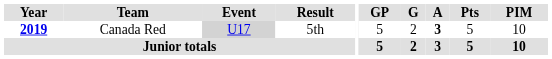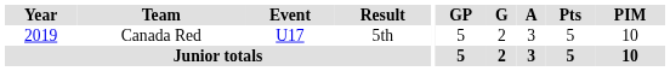 <table border="0" cellpadding="1" cellspacing="0" ID="Table3" style="text-align:center; width:40em">
 <tr bgcolor="#e0e0e0">
 <th>Year</th>
 <th>Team</th>
 <th>Event</th>
 <th>Result</th>
 <th rowspan="99" bgcolor="#ffffff"></th>
 <th>GP</th>
 <th>G</th>
 <th>A</th>
 <th>Pts</th>
 <th>PIM</th>
 </tr>
 <tr>
-<td><strong><a href='#'>2019</a></strong></td>
+<td><a href='#'>2019</a></td>
 <td>Canada Red</td>
-<td style="background: lightgrey;"><a href='#'>U17</a></td>
+<td><a href='#'>U17</a></td>
 <td>5th</td>
 <td>5</td>
 <td>2</td>
-<td><strong>3</strong></td>
+<td>3</td>
 <td>5</td>
 <td>10</td>
 </tr>
 <tr bgcolor="#e0e0e0">
 <th colspan="4">Junior totals</th>
 <th>5</th>
 <th>2</th>
 <th>3</th>
 <th>5</th>
 <th>10</th>
 </tr>
 </table>
